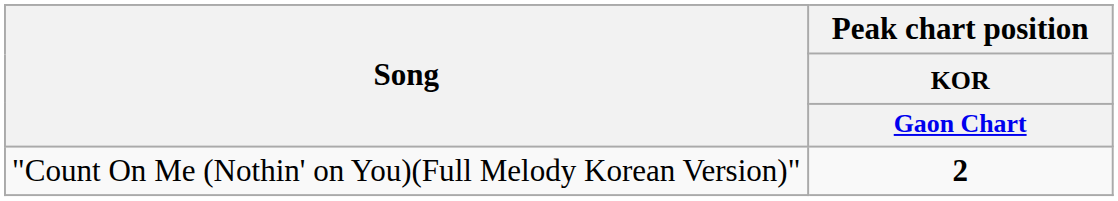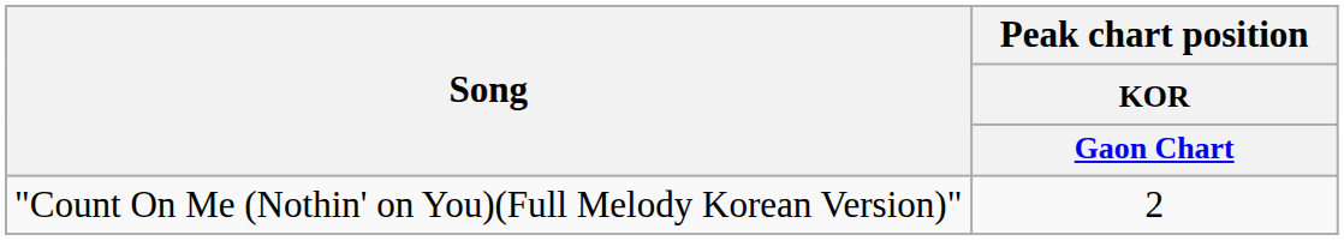 <table class="wikitable" style="text-align:center;">
 <tr>
 <th rowspan="3">Song</th>
 <th colspan="9">Peak chart position</th>
 </tr>
 <tr>
 <th colspan="1" width="150"><small>KOR</small></th>
 </tr>
 <tr style="font-size:smaller;">
 <th><a href='#'>Gaon Chart</a></th>
 </tr>
 <tr>
 <td align="left">"Count On Me (Nothin' on You)(Full Melody Korean Version)"</td>
-<td><strong>2</strong></td>
+<td>2</td>
 </tr>
 </table>
